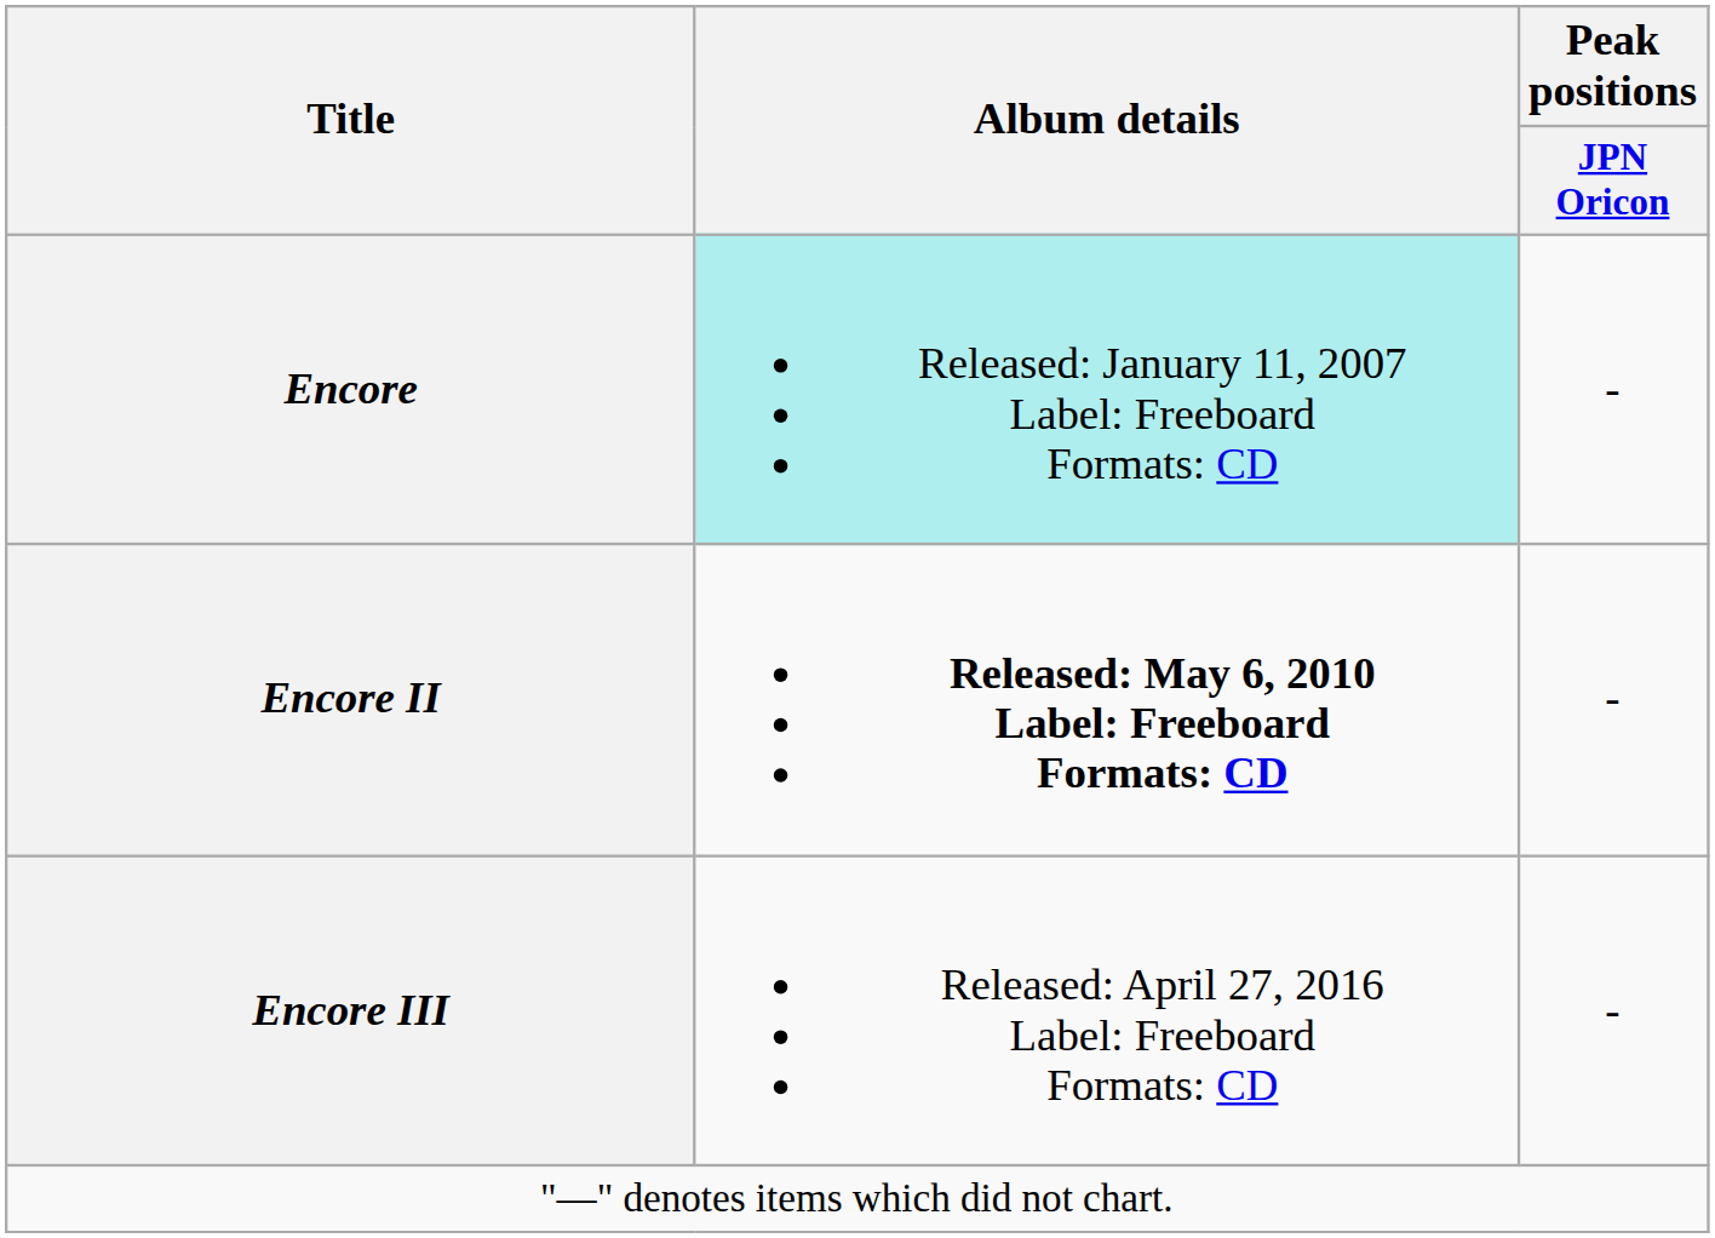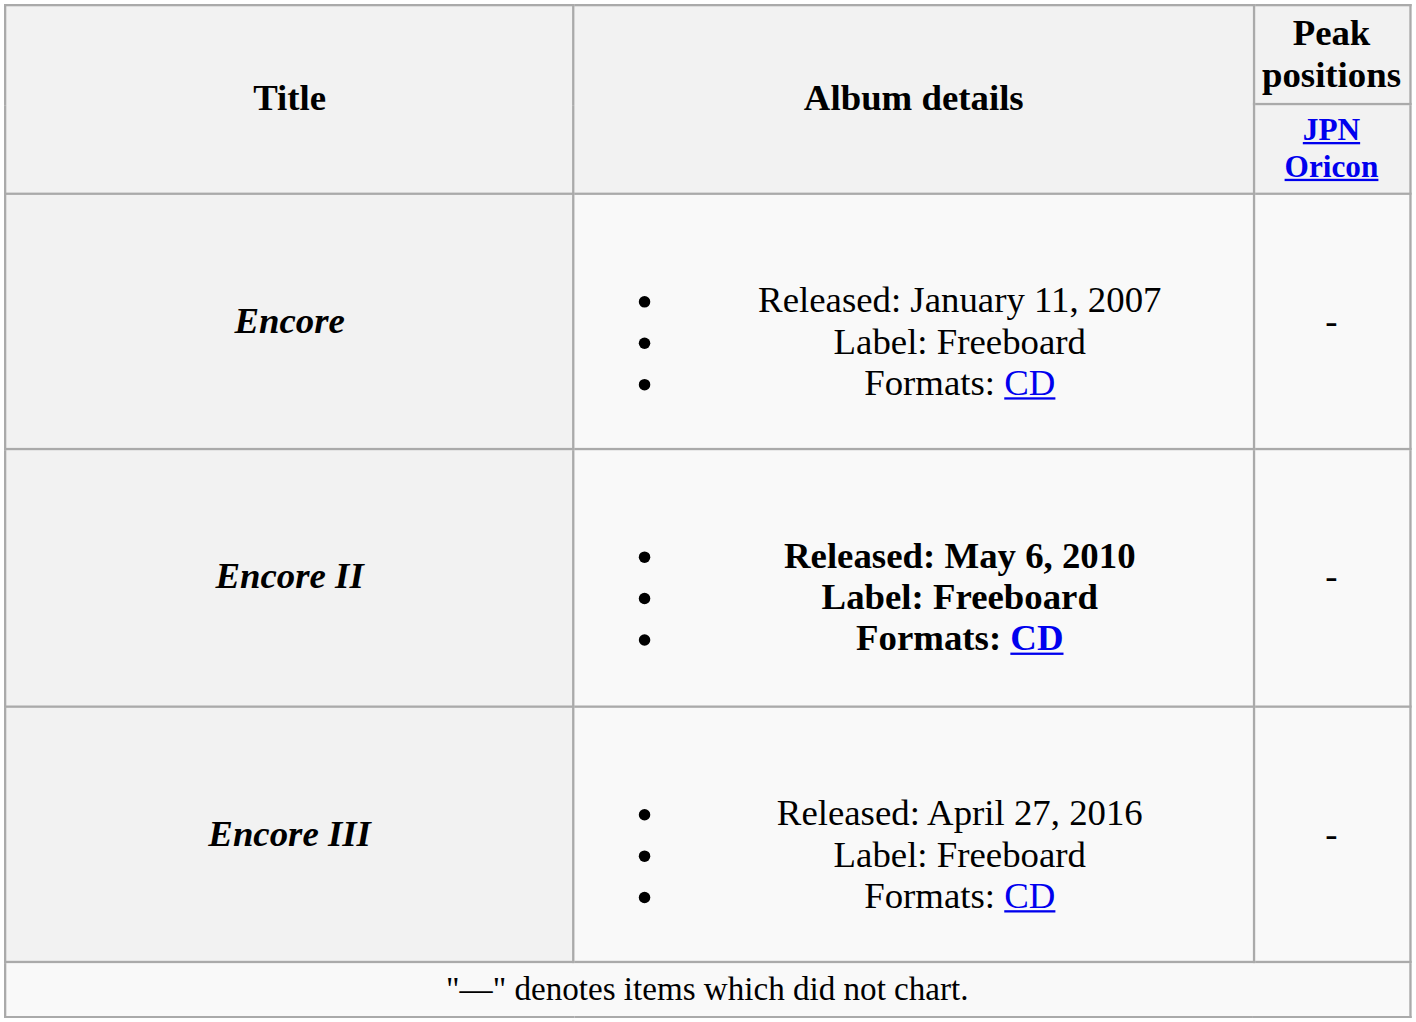 <table class="wikitable plainrowheaders" style="text-align:center;">
 <tr>
 <th style="width:15em;" rowspan="2">Title</th>
 <th style="width:18em;" rowspan="2">Album details</th>
 <th colspan="1">Peak positions</th>
 </tr>
 <tr>
 <th style="width:3em;font-size:85%"><a href='#'>JPN<br>Oricon</a><br></th>
 </tr>
 <tr>
 <th scope="row"><em>Encore</em></th>
-<td style="background: paleturquoise;"><br><ul><li>Released: January 11, 2007</li><li>Label: Freeboard</li><li>Formats: <a href='#'>CD</a></li></ul></td>
+<td><br><ul><li>Released: January 11, 2007</li><li>Label: Freeboard</li><li>Formats: <a href='#'>CD</a></li></ul></td>
 <td>-</td>
 </tr>
 <tr>
 <th scope="row"><em>Encore II</em></th>
 <td><strong><br><ul><li>Released: May 6, 2010</li><li>Label: Freeboard</li><li>Formats: <a href='#'>CD</a></li></ul></strong></td>
 <td>-</td>
 </tr>
 <tr>
 <th scope="row"><em>Encore III</em></th>
 <td><br><ul><li>Released: April 27, 2016</li><li>Label: Freeboard</li><li>Formats: <a href='#'>CD</a></li></ul></td>
 <td>-</td>
 </tr>
 <tr>
 <td colspan="11" align="center" style="font-size:90%;">"—" denotes items which did not chart.</td>
 </tr>
 </table>
